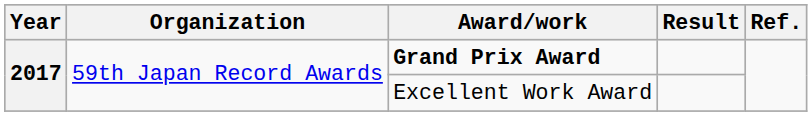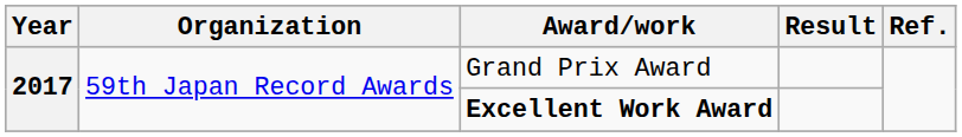 <table class="wikitable">
 <tr>
 <th>Year</th>
 <th>Organization</th>
 <th>Award/work</th>
 <th>Result</th>
 <th>Ref.</th>
 </tr>
 <tr>
 <th rowspan="2" scope="row">2017</th>
 <td rowspan="2"><a href='#'>59th Japan Record Awards</a></td>
-<td><strong>Grand Prix Award</strong></td>
+<td>Grand Prix Award</td>
 <td></td>
 <td rowspan="2" align="center"></td>
 </tr>
 <tr>
-<td>Excellent Work Award</td>
+<td><strong>Excellent Work Award</strong></td>
 <td></td>
 </tr>
 </table>
